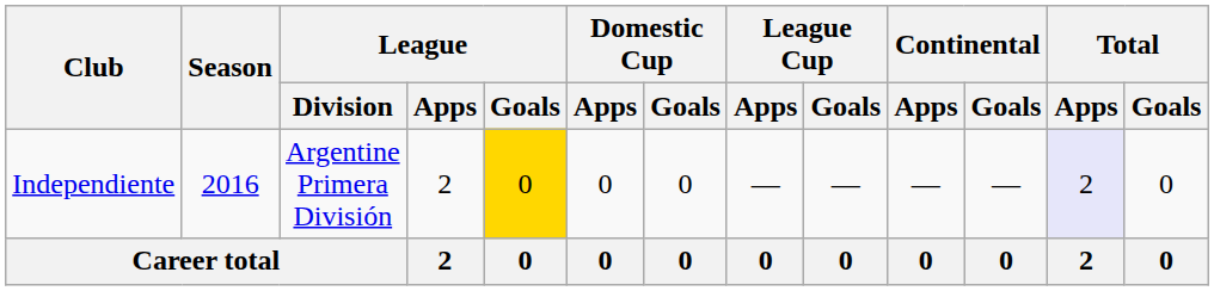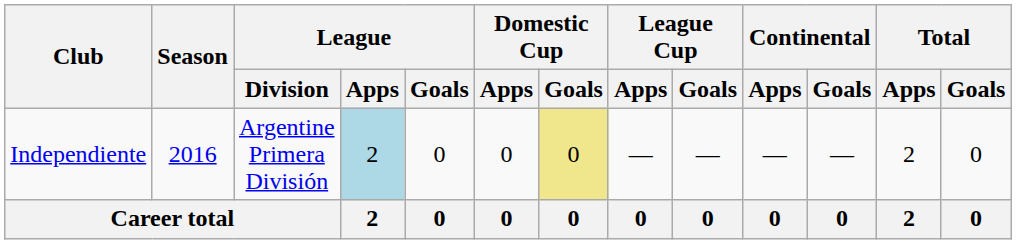 <table class="wikitable" style="text-align: center;">
 <tr>
 <th rowspan="2">Club</th>
 <th rowspan="2">Season</th>
 <th colspan="3">League</th>
 <th colspan="2">Domestic Cup</th>
 <th colspan="2">League Cup</th>
 <th colspan="2">Continental</th>
 <th colspan="2">Total</th>
 </tr>
 <tr>
 <th>Division</th>
 <th>Apps</th>
 <th>Goals</th>
 <th>Apps</th>
 <th>Goals</th>
 <th>Apps</th>
 <th>Goals</th>
 <th>Apps</th>
 <th>Goals</th>
 <th>Apps</th>
 <th>Goals</th>
 </tr>
 <tr>
 <td rowspan="1"><a href='#'>Independiente</a></td>
 <td><a href='#'>2016</a></td>
 <td><a href='#'>Argentine Primera División</a></td>
-<td>2</td>
-<td style="background: gold;">0</td>
+<td style="background: lightblue;">2</td>
 <td>0</td>
 <td>0</td>
+<td style="background: khaki;">0</td>
 <td>—</td>
 <td>—</td>
 <td>—</td>
 <td>—</td>
-<td style="background: lavender;">2</td>
+<td>2</td>
 <td>0</td>
 </tr>
 <tr>
 <th colspan="3">Career total</th>
 <th>2</th>
 <th>0</th>
 <th>0</th>
 <th>0</th>
 <th>0</th>
 <th>0</th>
 <th>0</th>
 <th>0</th>
 <th>2</th>
 <th>0</th>
 </tr>
 </table>
